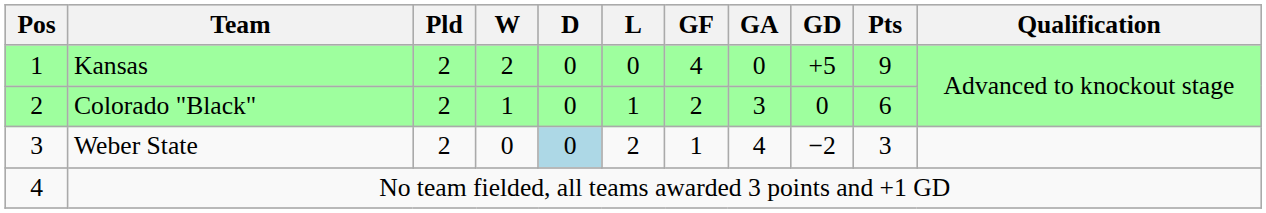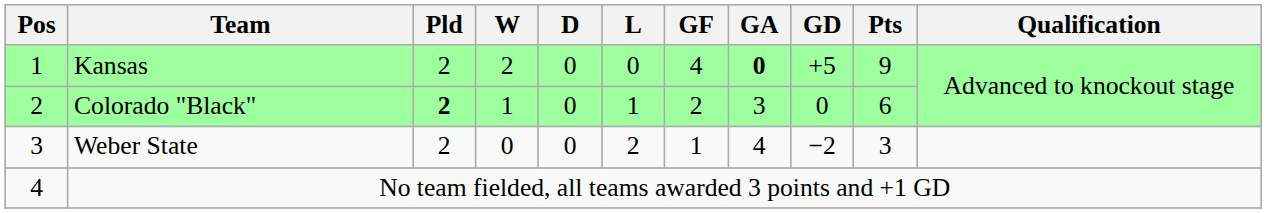 <table class="wikitable" style="text-align:center; margin: 1em auto">
 <tr>
 <th style="width:2em">Pos</th>
 <th style="width:13em">Team</th>
 <th style="width:2em">Pld</th>
 <th style="width:2em">W</th>
 <th style="width:2em">D</th>
 <th style="width:2em">L</th>
 <th style="width:2em">GF</th>
 <th style="width:2em">GA</th>
 <th style="width:2em">GD</th>
 <th style="width:2em">Pts</th>
 <th style="width:13em">Qualification</th>
 </tr>
 <tr bgcolor="#9eff9e">
 <td>1</td>
 <td style="text-align:left">Kansas</td>
 <td>2</td>
 <td>2</td>
 <td>0</td>
 <td>0</td>
 <td>4</td>
-<td>0</td>
+<td><strong>0</strong></td>
 <td>+5</td>
 <td>9</td>
 <td rowspan="2">Advanced to knockout stage</td>
 </tr>
 <tr bgcolor="#9eff9e">
 <td>2</td>
 <td style="text-align:left">Colorado "Black"</td>
-<td>2</td>
+<td><strong>2</strong></td>
 <td>1</td>
 <td>0</td>
 <td>1</td>
 <td>2</td>
 <td>3</td>
 <td>0</td>
 <td>6</td>
 </tr>
 <tr>
 <td>3</td>
 <td style="text-align:left">Weber State</td>
 <td>2</td>
 <td>0</td>
-<td style="background: lightblue;">0</td>
+<td>0</td>
 <td>2</td>
 <td>1</td>
 <td>4</td>
 <td>−2</td>
 <td>3</td>
 </tr>
 <tr>
 <td>4</td>
 <td colspan="10" style="text-align:center">No team fielded, all teams awarded 3 points and +1 GD</td>
 </tr>
 </table>
